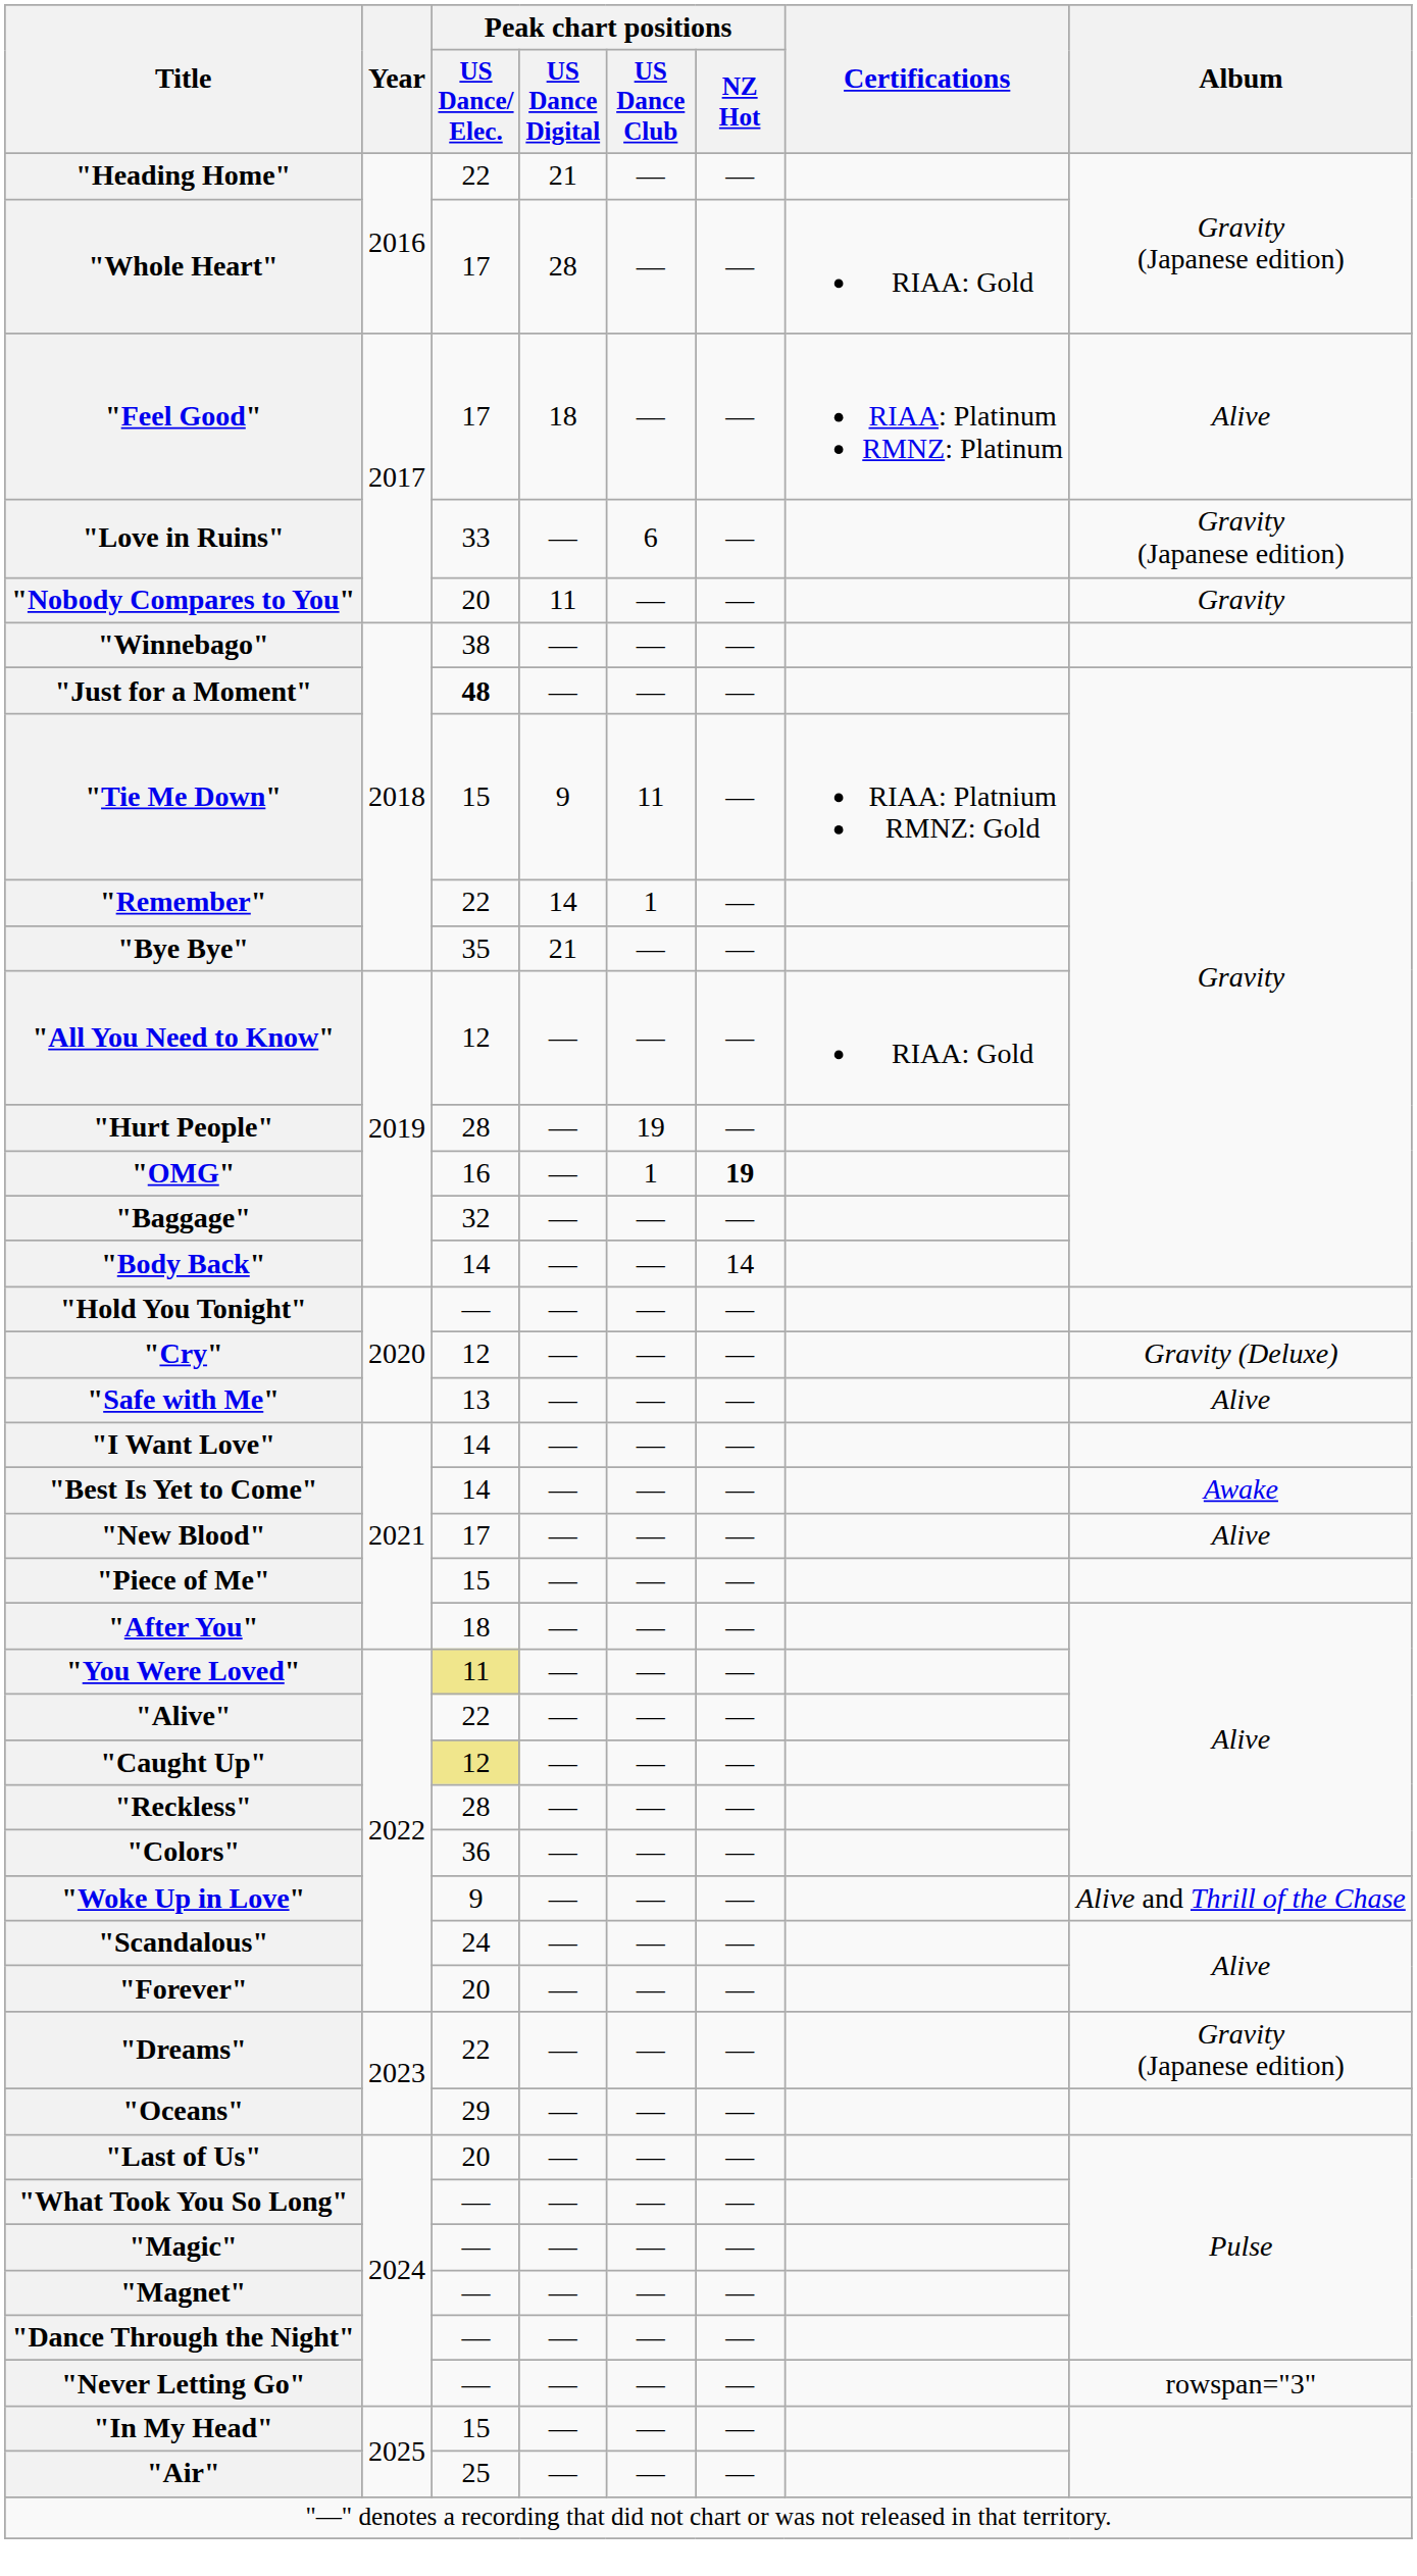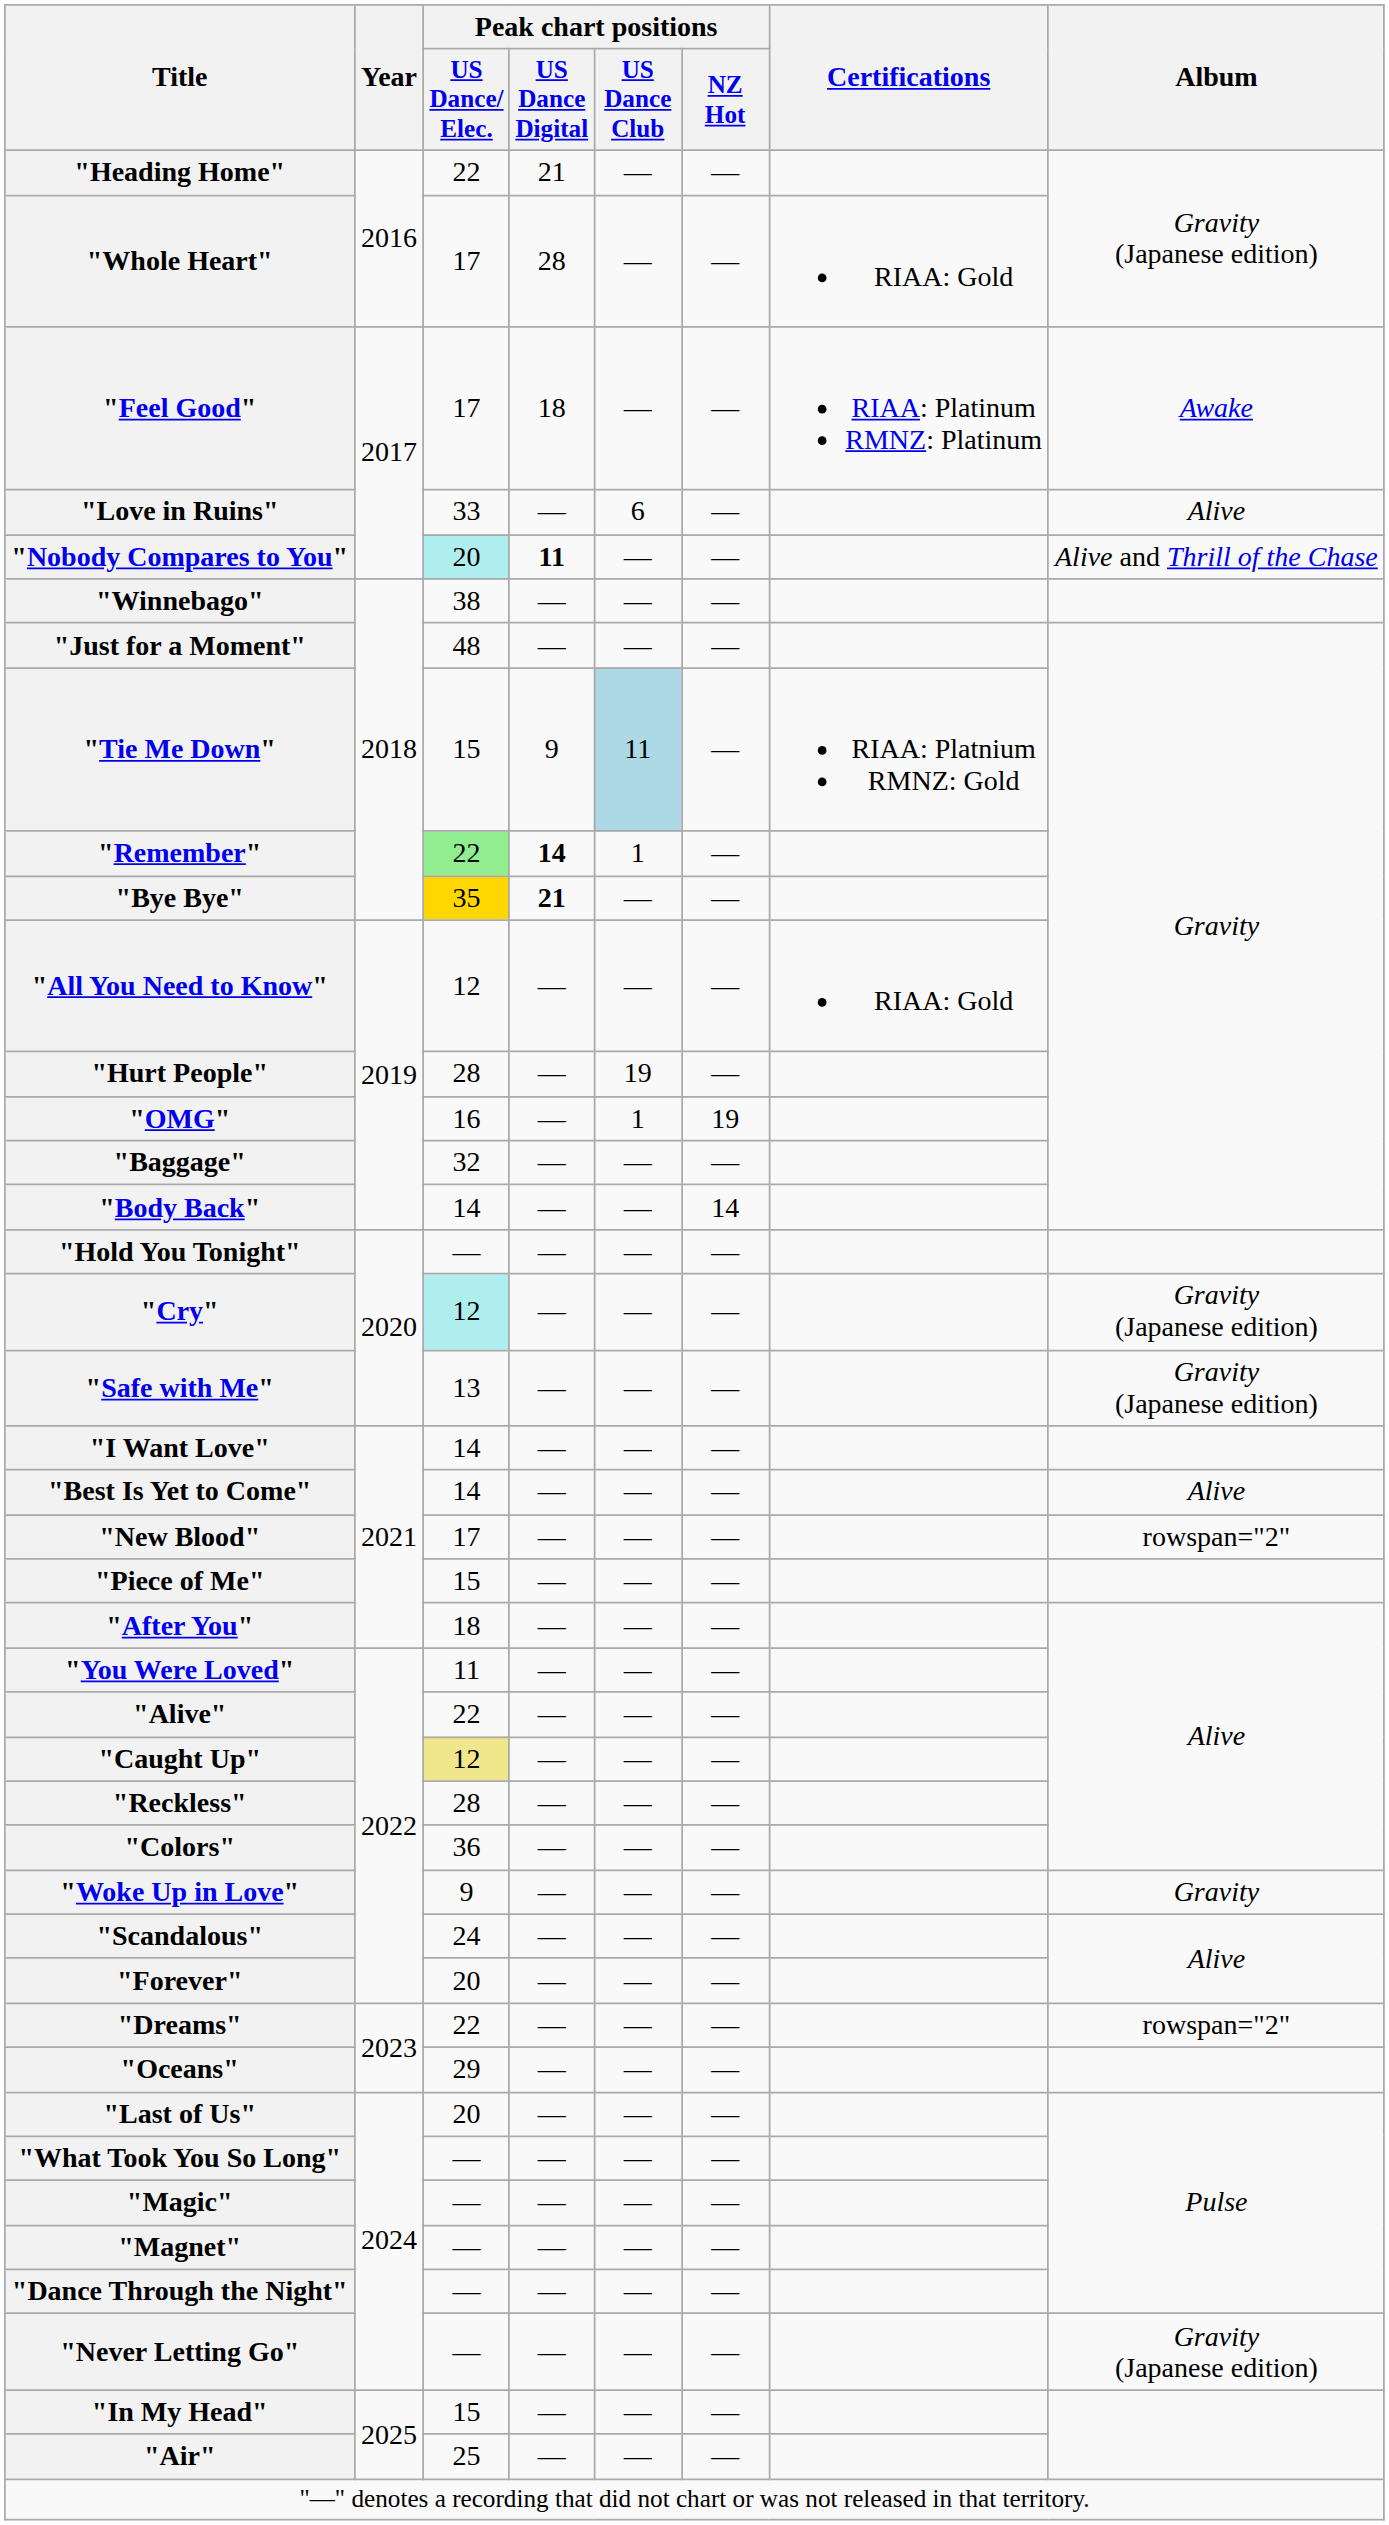 <table class="wikitable plainrowheaders" style="text-align:center;">
 <tr>
 <th scope="col" rowspan="2">Title</th>
 <th scope="col" rowspan="2">Year</th>
 <th scope="col" colspan="4">Peak chart positions</th>
 <th scope="col" rowspan="2"><a href='#'>Certifications</a></th>
 <th scope="col" rowspan="2">Album</th>
 </tr>
 <tr>
 <th scope="col" style="width:2.5em;font-size:90%;"><a href='#'>US<br>Dance/<br>Elec.</a><br></th>
 <th scope="col" style="width:2.5em;font-size:90%;"><a href='#'>US <br>Dance Digital</a><br></th>
 <th scope="col" style="width:3em;font-size:90%;"><a href='#'>US Dance Club</a><br></th>
 <th scope="col" style="width:3em;font-size:90%;"><a href='#'>NZ<br>Hot</a><br></th>
 </tr>
 <tr>
 <th scope="row">"Heading Home"<br></th>
 <td rowspan="2">2016</td>
 <td>22</td>
 <td>21</td>
 <td>—</td>
 <td>—</td>
 <td></td>
 <td rowspan="2"><em>Gravity</em><br>(Japanese edition)</td>
 </tr>
 <tr>
 <th scope="row">"Whole Heart"<br></th>
 <td>17</td>
 <td>28</td>
 <td>—</td>
 <td>—</td>
 <td><br><ul><li>RIAA: Gold</li></ul></td>
 </tr>
 <tr>
 <th scope="row">"<a href='#'>Feel Good</a>"<br></th>
 <td rowspan="3">2017</td>
 <td>17</td>
 <td>18</td>
 <td>—</td>
 <td>—</td>
 <td><br><ul><li><a href='#'>RIAA</a>: Platinum</li><li><a href='#'>RMNZ</a>: Platinum</li></ul></td>
-<td><em>Alive</em></td>
+<td><em><a href='#'>Awake</a></em></td>
 </tr>
 <tr>
 <th scope="row">"Love in Ruins"<br></th>
 <td>33</td>
 <td>—</td>
 <td>6</td>
 <td>—</td>
 <td></td>
-<td><em>Gravity</em><br>(Japanese edition)</td>
+<td><em>Alive</em></td>
 </tr>
 <tr>
 <th scope="row">"<a href='#'>Nobody Compares to You</a>"<br></th>
-<td>20</td>
-<td>11</td>
+<td style="background: paleturquoise;">20</td>
+<td><strong>11</strong></td>
 <td>—</td>
 <td>—</td>
 <td></td>
-<td><em>Gravity</em></td>
+<td><em>Alive</em> and <em><a href='#'>Thrill of the Chase</a></em></td>
 </tr>
 <tr>
 <th scope="row">"Winnebago"<br></th>
 <td rowspan="5">2018</td>
 <td>38</td>
 <td>—</td>
 <td>—</td>
 <td>—</td>
 <td></td>
 <td></td>
 </tr>
 <tr>
 <th scope="row">"Just for a Moment"<br></th>
-<td><strong>48</strong></td>
+<td>48</td>
 <td>—</td>
 <td>—</td>
 <td>—</td>
 <td></td>
 <td rowspan="9"><em>Gravity</em></td>
 </tr>
 <tr>
 <th scope="row">"<a href='#'>Tie Me Down</a>"<br></th>
 <td>15</td>
 <td>9</td>
-<td>11</td>
+<td style="background: lightblue;">11</td>
 <td>—</td>
 <td><br><ul><li>RIAA: Platnium</li><li>RMNZ: Gold</li></ul></td>
 </tr>
 <tr>
 <th scope="row">"<a href='#'>Remember</a>" <br></th>
-<td>22</td>
-<td>14</td>
+<td style="background: lightgreen;">22</td>
+<td><strong>14</strong></td>
 <td>1</td>
 <td>—</td>
 <td></td>
 </tr>
 <tr>
 <th scope="row">"Bye Bye"<br></th>
-<td>35</td>
-<td>21</td>
+<td style="background: gold;">35</td>
+<td><strong>21</strong></td>
 <td>—</td>
 <td>—</td>
 <td></td>
 </tr>
 <tr>
 <th scope="row">"<a href='#'>All You Need to Know</a>"<br></th>
 <td rowspan="5">2019</td>
 <td>12</td>
 <td>—</td>
 <td>—</td>
 <td>—</td>
 <td><br><ul><li>RIAA: Gold</li></ul></td>
 </tr>
 <tr>
 <th scope="row">"Hurt People"<br></th>
 <td>28</td>
 <td>—</td>
 <td>19</td>
 <td>—</td>
 <td></td>
 </tr>
 <tr>
 <th scope="row">"<a href='#'>OMG</a>"<br></th>
 <td>16</td>
 <td>—</td>
 <td>1</td>
-<td><strong>19</strong></td>
+<td>19</td>
 </tr>
 <tr>
 <th scope="row">"Baggage"<br></th>
 <td>32</td>
 <td>—</td>
 <td>—</td>
 <td>—</td>
 <td></td>
 </tr>
 <tr>
 <th scope="row">"<a href='#'>Body Back</a>"<br></th>
 <td>14</td>
 <td>—</td>
 <td>—</td>
 <td>14</td>
 <td></td>
 </tr>
 <tr>
 <th scope="row">"Hold You Tonight"<br></th>
 <td rowspan="3">2020</td>
 <td>—</td>
 <td>—</td>
 <td>—</td>
 <td>—</td>
 <td></td>
 <td></td>
 </tr>
 <tr>
 <th scope="row">"<a href='#'>Cry</a>" <br></th>
-<td>12</td>
+<td style="background: paleturquoise;">12</td>
 <td>—</td>
 <td>—</td>
 <td>—</td>
 <td></td>
-<td><em>Gravity (Deluxe)</em></td>
+<td><em>Gravity</em><br>(Japanese edition)</td>
 </tr>
 <tr>
 <th scope="row">"<a href='#'>Safe with Me</a>"<br></th>
 <td>13</td>
 <td>—</td>
 <td>—</td>
 <td>—</td>
 <td></td>
-<td><em>Alive</em></td>
+<td><em>Gravity</em><br>(Japanese edition)</td>
 </tr>
 <tr>
 <th scope="row">"I Want Love"<br></th>
 <td rowspan="5">2021</td>
 <td>14</td>
 <td>—</td>
 <td>—</td>
 <td>—</td>
 <td></td>
 <td></td>
 </tr>
 <tr>
 <th scope="row">"Best Is Yet to Come"<br></th>
 <td>14</td>
 <td>—</td>
 <td>—</td>
 <td>—</td>
 <td></td>
-<td><em><a href='#'>Awake</a></em></td>
+<td><em>Alive</em></td>
 </tr>
 <tr>
 <th scope="row">"New Blood"<br></th>
 <td>17</td>
 <td>—</td>
 <td>—</td>
 <td>—</td>
 <td></td>
-<td><em>Alive</em></td>
+<td>rowspan="2" </td>
 </tr>
 <tr>
 <th scope="row">"Piece of Me"<br></th>
 <td>15</td>
 <td>—</td>
 <td>—</td>
 <td>—</td>
 <td></td>
 </tr>
 <tr>
 <th scope="row">"<a href='#'>After You</a>"<br></th>
 <td>18</td>
 <td>—</td>
 <td>—</td>
 <td>—</td>
 <td></td>
 <td rowspan="6"><em>Alive</em></td>
 </tr>
 <tr>
 <th scope="row">"<a href='#'>You Were Loved</a>"<br></th>
 <td rowspan="8">2022</td>
-<td style="background: khaki;">11</td>
+<td>11</td>
 <td>—</td>
 <td>—</td>
 <td>—</td>
 <td></td>
 </tr>
 <tr>
 <th scope="row">"Alive"<br></th>
 <td>22</td>
 <td>—</td>
 <td>—</td>
 <td>—</td>
 <td></td>
 </tr>
 <tr>
 <th scope="row">"Caught Up"<br></th>
 <td style="background: khaki;">12</td>
 <td>—</td>
 <td>—</td>
 <td>—</td>
 <td></td>
 </tr>
 <tr>
 <th scope="row">"Reckless"<br></th>
 <td>28</td>
 <td>—</td>
 <td>—</td>
 <td>—</td>
 <td></td>
 </tr>
 <tr>
 <th scope="row">"Colors"<br></th>
 <td>36</td>
 <td>—</td>
 <td>—</td>
 <td>—</td>
 <td></td>
 </tr>
 <tr>
 <th scope="row">"<a href='#'>Woke Up in Love</a>"<br></th>
 <td>9</td>
 <td>—</td>
 <td>—</td>
 <td>—</td>
 <td></td>
-<td><em>Alive</em> and <em><a href='#'>Thrill of the Chase</a></em></td>
+<td><em>Gravity</em></td>
 </tr>
 <tr>
 <th scope="row">"Scandalous"<br></th>
 <td>24</td>
 <td>—</td>
 <td>—</td>
 <td>—</td>
 <td></td>
 <td rowspan="2"><em>Alive</em></td>
 </tr>
 <tr>
 <th scope="row">"Forever"<br></th>
 <td>20</td>
 <td>—</td>
 <td>—</td>
 <td>—</td>
 <td></td>
 </tr>
 <tr>
 <th scope="row">"Dreams"</th>
 <td rowspan="2">2023</td>
 <td>22</td>
 <td>—</td>
 <td>—</td>
 <td>—</td>
 <td></td>
-<td><em>Gravity</em><br>(Japanese edition)</td>
+<td>rowspan="2" </td>
 </tr>
 <tr>
 <th scope="row">"Oceans"<br></th>
 <td>29</td>
 <td>—</td>
 <td>—</td>
 <td>—</td>
 <td></td>
 </tr>
 <tr>
 <th scope="row">"Last of Us"<br></th>
 <td rowspan="6">2024</td>
 <td>20</td>
 <td>—</td>
 <td>—</td>
 <td>—</td>
 <td></td>
 <td rowspan="5"><em>Pulse</em></td>
 </tr>
 <tr>
 <th scope="row">"What Took You So Long"<br></th>
 <td>—</td>
 <td>—</td>
 <td>—</td>
 <td>—</td>
 <td></td>
 </tr>
 <tr>
 <th scope="row">"Magic"<br></th>
 <td>—</td>
 <td>—</td>
 <td>—</td>
 <td>—</td>
 <td></td>
 </tr>
 <tr>
 <th scope="row">"Magnet"<br></th>
 <td>—</td>
 <td>—</td>
 <td>—</td>
 <td>—</td>
 <td></td>
 </tr>
 <tr>
 <th scope="row">"Dance Through the Night"<br></th>
 <td>—</td>
 <td>—</td>
 <td>—</td>
 <td>—</td>
 <td></td>
 </tr>
 <tr>
 <th scope="row">"Never Letting Go"<br></th>
 <td>—</td>
 <td>—</td>
 <td>—</td>
 <td>—</td>
 <td></td>
-<td>rowspan="3" </td>
+<td><em>Gravity</em><br>(Japanese edition)</td>
 </tr>
 <tr>
 <th scope="row">"In My Head"<br></th>
 <td rowspan="2">2025</td>
 <td>15</td>
 <td>—</td>
 <td>—</td>
 <td>—</td>
 <td></td>
 </tr>
 <tr>
 <th scope="row">"Air"<br></th>
 <td>25</td>
 <td>—</td>
 <td>—</td>
 <td>—</td>
 <td></td>
 </tr>
 <tr>
 <td colspan="8" style="font-size:90%">"—" denotes a recording that did not chart or was not released in that territory.</td>
 </tr>
 </table>
